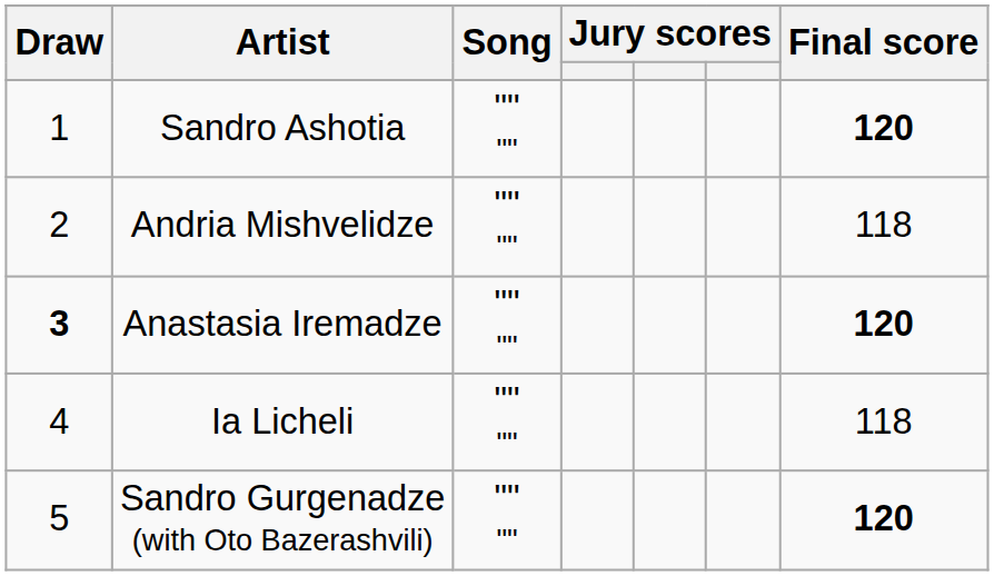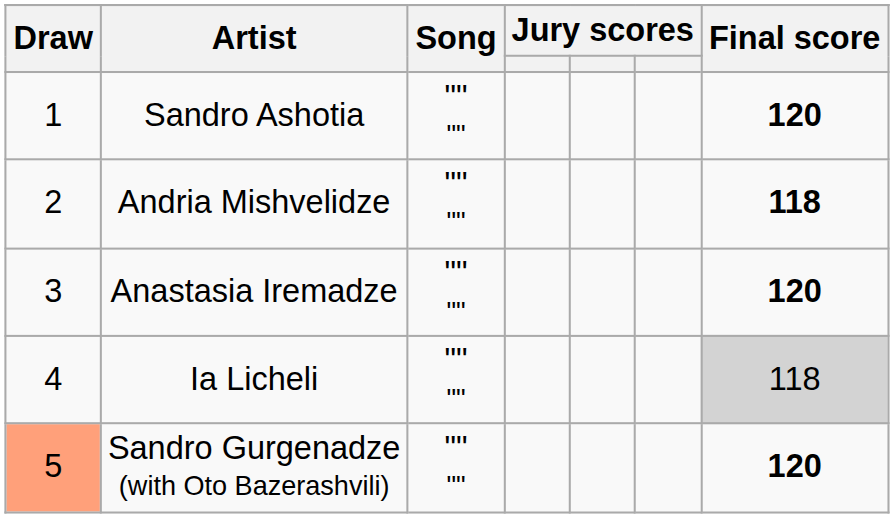 <table class="sortable wikitable" style="text-align:center;margin:1em auto 1em auto">
 <tr>
 </tr>
 <tr>
 <th rowspan=2>Draw</th>
 <th rowspan=2>Artist</th>
 <th rowspan=2>Song</th>
 <th colspan="3">Jury scores</th>
 <th rowspan=2>Final score</th>
 </tr>
 <tr>
 <th><small></small></th>
 <th><small></small></th>
 <th><small></small></th>
 </tr>
 <tr>
 <td>1</td>
 <td>Sandro Ashotia</td>
 <td>""<br><small>""</small></td>
 <td colspan="1"></td>
 <td colspan="1"></td>
 <td colspan="1"></td>
 <td><strong>120</strong></td>
 </tr>
 <tr>
 <td>2</td>
 <td>Andria Mishvelidze</td>
 <td>""<br><small>""</small></td>
 <td colspan="1"></td>
 <td colspan="1"></td>
 <td colspan="1"></td>
-<td>118</td>
+<td><strong>118</strong></td>
 </tr>
 <tr>
-<td><strong>3</strong></td>
+<td>3</td>
 <td>Anastasia Iremadze</td>
 <td>""<br><small>""</small></td>
 <td colspan="1"></td>
 <td colspan="1"></td>
 <td colspan="1"></td>
 <td><strong>120</strong></td>
 </tr>
 <tr>
 <td>4</td>
 <td>Ia Licheli</td>
 <td>""<br><small>""</small></td>
 <td colspan="1"></td>
 <td colspan="1"></td>
 <td colspan="1"></td>
-<td>118</td>
+<td style="background: lightgrey;">118</td>
 </tr>
 <tr>
-<td>5</td>
+<td style="background: lightsalmon;">5</td>
 <td>Sandro Gurgenadze<br><small>(with Oto Bazerashvili)</small></td>
 <td>""<br><small>""</small></td>
 <td colspan="1"></td>
 <td colspan="1"></td>
 <td colspan="1"></td>
 <td><strong>120</strong></td>
 </tr>
 </table>
